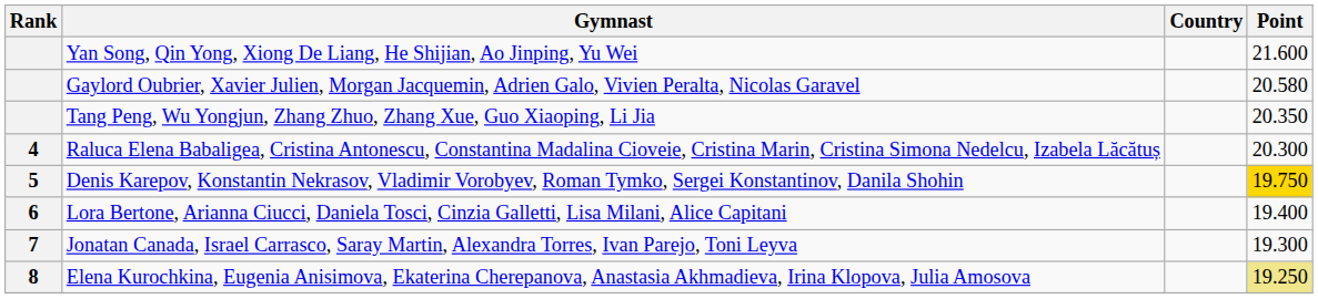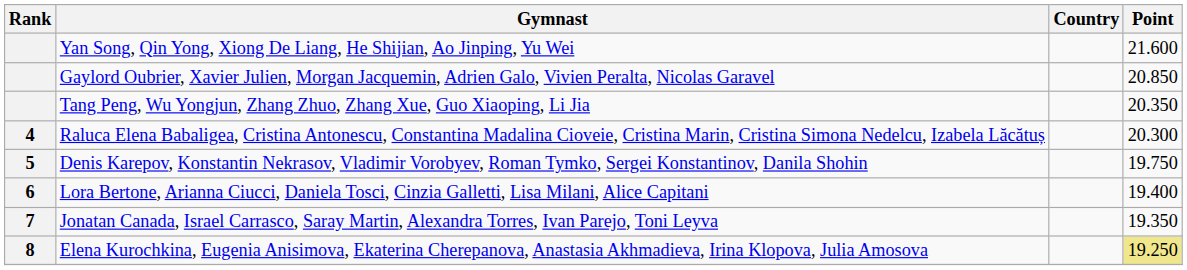 <table class="wikitable sortable">
 <tr>
 <th>Rank</th>
 <th>Gymnast</th>
 <th>Country</th>
 <th>Point</th>
 </tr>
 <tr>
 <th></th>
 <td><a href='#'>Yan Song</a>, <a href='#'>Qin Yong</a>, <a href='#'>Xiong De Liang</a>, <a href='#'>He Shijian</a>, <a href='#'>Ao Jinping</a>, <a href='#'>Yu Wei</a></td>
 <td></td>
 <td>21.600</td>
 </tr>
 <tr>
 <th></th>
 <td><a href='#'>Gaylord Oubrier</a>, <a href='#'>Xavier Julien</a>, <a href='#'>Morgan Jacquemin</a>, <a href='#'>Adrien Galo</a>, <a href='#'>Vivien Peralta</a>, <a href='#'>Nicolas Garavel</a></td>
 <td></td>
-<td>20.580</td>
+<td>20.850</td>
 </tr>
 <tr>
 <th></th>
 <td><a href='#'>Tang Peng</a>, <a href='#'>Wu Yongjun</a>, <a href='#'>Zhang Zhuo</a>, <a href='#'>Zhang Xue</a>, <a href='#'>Guo Xiaoping</a>, <a href='#'>Li Jia</a></td>
 <td></td>
 <td>20.350</td>
 </tr>
 <tr>
 <th>4</th>
 <td><a href='#'>Raluca Elena Babaligea</a>, <a href='#'>Cristina Antonescu</a>, <a href='#'>Constantina Madalina Cioveie</a>, <a href='#'>Cristina Marin</a>, <a href='#'>Cristina Simona Nedelcu</a>, <a href='#'>Izabela Lăcătuș</a></td>
 <td></td>
 <td>20.300</td>
 </tr>
 <tr>
 <th>5</th>
 <td><a href='#'>Denis Karepov</a>, <a href='#'>Konstantin Nekrasov</a>, <a href='#'>Vladimir Vorobyev</a>, <a href='#'>Roman Tymko</a>, <a href='#'>Sergei Konstantinov</a>, <a href='#'>Danila Shohin</a></td>
 <td></td>
-<td style="background: gold;">19.750</td>
+<td>19.750</td>
 </tr>
 <tr>
 <th>6</th>
 <td><a href='#'>Lora Bertone</a>, <a href='#'>Arianna Ciucci</a>, <a href='#'>Daniela Tosci</a>, <a href='#'>Cinzia Galletti</a>, <a href='#'>Lisa Milani</a>, <a href='#'>Alice Capitani</a></td>
 <td></td>
 <td>19.400</td>
 </tr>
 <tr>
 <th>7</th>
 <td><a href='#'>Jonatan Canada</a>, <a href='#'>Israel Carrasco</a>, <a href='#'>Saray Martin</a>, <a href='#'>Alexandra Torres</a>, <a href='#'>Ivan Parejo</a>, <a href='#'>Toni Leyva</a></td>
 <td></td>
-<td>19.300</td>
+<td>19.350</td>
 </tr>
 <tr>
 <th>8</th>
 <td><a href='#'>Elena Kurochkina</a>, <a href='#'>Eugenia Anisimova</a>, <a href='#'>Ekaterina Cherepanova</a>, <a href='#'>Anastasia Akhmadieva</a>, <a href='#'>Irina Klopova</a>, <a href='#'>Julia Amosova</a></td>
 <td></td>
 <td style="background: khaki;">19.250</td>
 </tr>
 <tr>
 </tr>
 </table>
